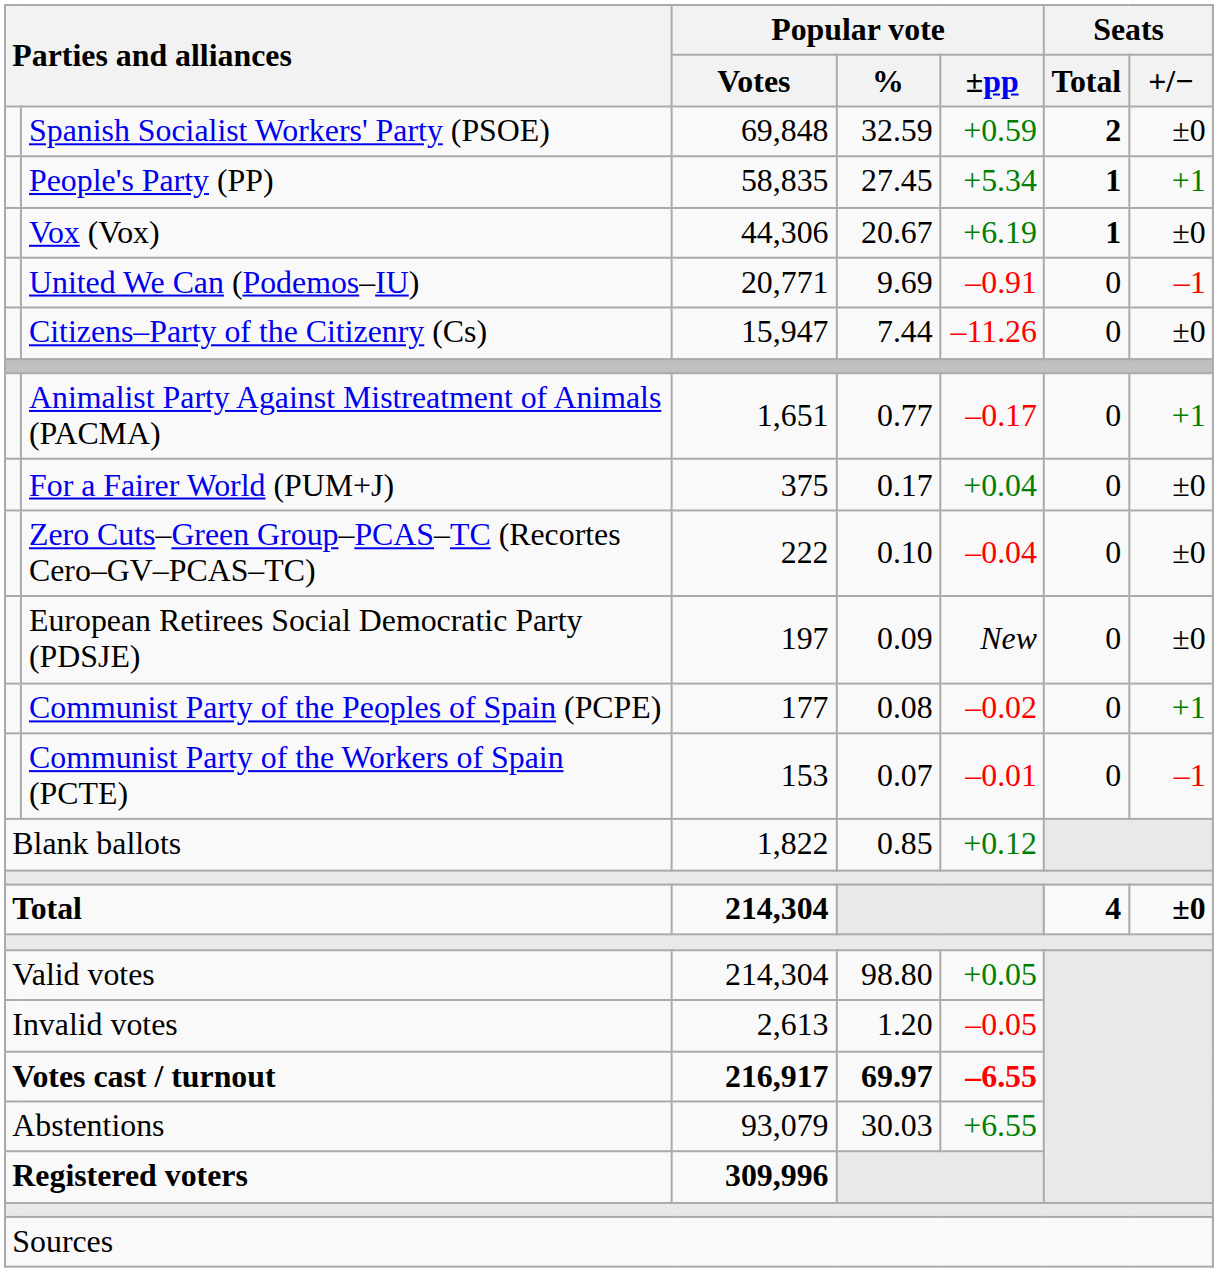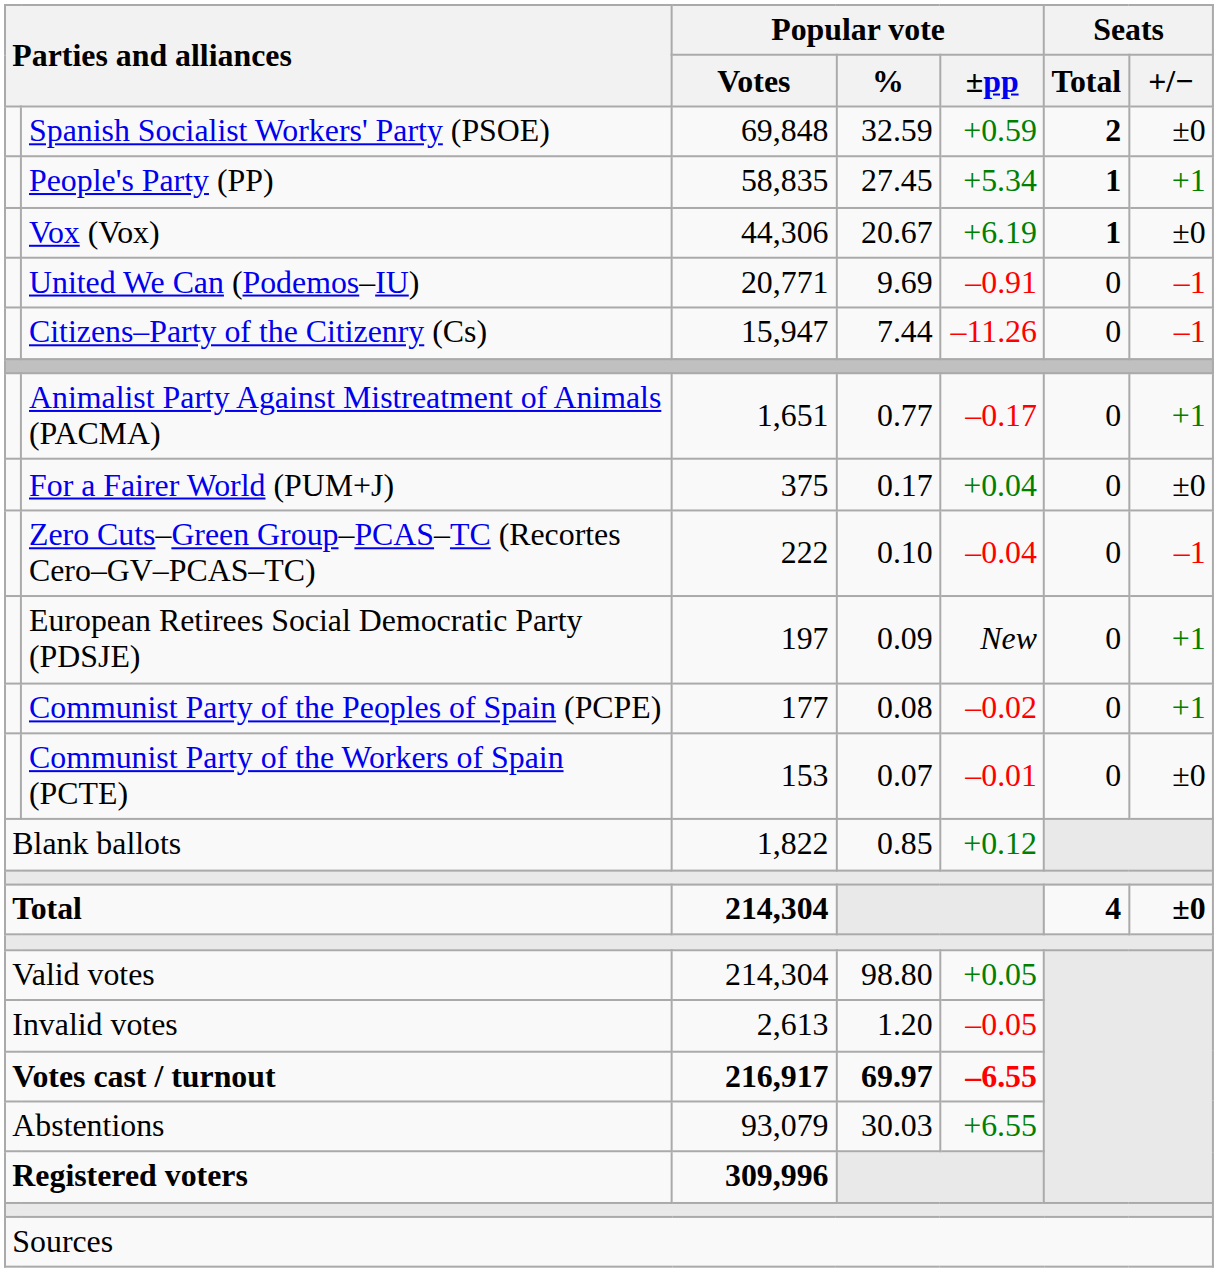 <table class="wikitable" style="text-align:right;">
 <tr>
 <th style="text-align:left;" rowspan="2" colspan="2" width="525">Parties and alliances</th>
 <th colspan="3">Popular vote</th>
 <th colspan="2">Seats</th>
 </tr>
 <tr>
 <th width="75">Votes</th>
 <th width="45">%</th>
 <th width="45">±<a href='#'>pp</a></th>
 <th width="35">Total</th>
 <th width="35">+/−</th>
 </tr>
 <tr>
 <td width="1" style="color:inherit;background:"></td>
 <td align="left"><a href='#'>Spanish Socialist Workers' Party</a> (PSOE)</td>
 <td>69,848</td>
 <td>32.59</td>
 <td style="color:green;">+0.59</td>
 <td><strong>2</strong></td>
 <td>±0</td>
 </tr>
 <tr>
 <td style="color:inherit;background:"></td>
 <td align="left"><a href='#'>People's Party</a> (PP)</td>
 <td>58,835</td>
 <td>27.45</td>
 <td style="color:green;">+5.34</td>
 <td><strong>1</strong></td>
 <td style="color:green;">+1</td>
 </tr>
 <tr>
 <td style="color:inherit;background:"></td>
 <td align="left"><a href='#'>Vox</a> (Vox)</td>
 <td>44,306</td>
 <td>20.67</td>
 <td style="color:green;">+6.19</td>
 <td><strong>1</strong></td>
 <td>±0</td>
 </tr>
 <tr>
 <td style="color:inherit;background:"></td>
 <td align="left"><a href='#'>United We Can</a> (<a href='#'>Podemos</a>–<a href='#'>IU</a>)</td>
 <td>20,771</td>
 <td>9.69</td>
 <td style="color:red;">–0.91</td>
 <td>0</td>
 <td style="color:red;">–1</td>
 </tr>
 <tr>
 <td style="color:inherit;background:"></td>
 <td align="left"><a href='#'>Citizens–Party of the Citizenry</a> (Cs)</td>
 <td>15,947</td>
 <td>7.44</td>
 <td style="color:red;">–11.26</td>
 <td>0</td>
-<td>±0</td>
+<td style="color:red;">–1</td>
 </tr>
 <tr>
 <td colspan="7" bgcolor="#C0C0C0"></td>
 </tr>
 <tr>
 <td style="color:inherit;background:"></td>
 <td align="left"><a href='#'>Animalist Party Against Mistreatment of Animals</a> (PACMA)</td>
 <td>1,651</td>
 <td>0.77</td>
 <td style="color:red;">–0.17</td>
 <td>0</td>
 <td style="color:green;">+1</td>
 </tr>
 <tr>
 <td style="color:inherit;background:"></td>
 <td align="left"><a href='#'>For a Fairer World</a> (PUM+J)</td>
 <td>375</td>
 <td>0.17</td>
 <td style="color:green;">+0.04</td>
 <td>0</td>
 <td>±0</td>
 </tr>
 <tr>
 <td style="color:inherit;background:"></td>
 <td align="left"><a href='#'>Zero Cuts</a>–<a href='#'>Green Group</a>–<a href='#'>PCAS</a>–<a href='#'>TC</a> (Recortes Cero–GV–PCAS–TC)</td>
 <td>222</td>
 <td>0.10</td>
 <td style="color:red;">–0.04</td>
 <td>0</td>
-<td>±0</td>
+<td style="color:red;">–1</td>
 </tr>
 <tr>
 <td style="color:inherit;background:"></td>
 <td align="left">European Retirees Social Democratic Party (PDSJE)</td>
 <td>197</td>
 <td>0.09</td>
 <td><em>New</em></td>
 <td>0</td>
-<td>±0</td>
+<td style="color:green;">+1</td>
 </tr>
 <tr>
 <td style="color:inherit;background:"></td>
 <td align="left"><a href='#'>Communist Party of the Peoples of Spain</a> (PCPE)</td>
 <td>177</td>
 <td>0.08</td>
 <td style="color:red;">–0.02</td>
 <td>0</td>
 <td style="color:green;">+1</td>
 </tr>
 <tr>
 <td style="color:inherit;background:"></td>
 <td align="left"><a href='#'>Communist Party of the Workers of Spain</a> (PCTE)</td>
 <td>153</td>
 <td>0.07</td>
 <td style="color:red;">–0.01</td>
 <td>0</td>
-<td style="color:red;">–1</td>
+<td>±0</td>
 </tr>
 <tr>
 <td align="left" colspan="2">Blank ballots</td>
 <td>1,822</td>
 <td>0.85</td>
 <td style="color:green;">+0.12</td>
 <td bgcolor="#E9E9E9" colspan="2"></td>
 </tr>
 <tr>
 <td colspan="7" bgcolor="#E9E9E9"></td>
 </tr>
 <tr style="font-weight:bold;">
 <td align="left" colspan="2">Total</td>
 <td>214,304</td>
 <td bgcolor="#E9E9E9" colspan="2"></td>
 <td>4</td>
 <td>±0</td>
 </tr>
 <tr>
 <td colspan="7" bgcolor="#E9E9E9"></td>
 </tr>
 <tr>
 <td align="left" colspan="2">Valid votes</td>
 <td>214,304</td>
 <td>98.80</td>
 <td style="color:green;">+0.05</td>
 <td bgcolor="#E9E9E9" colspan="2" rowspan="5"></td>
 </tr>
 <tr>
 <td align="left" colspan="2">Invalid votes</td>
 <td>2,613</td>
 <td>1.20</td>
 <td style="color:red;">–0.05</td>
 </tr>
 <tr style="font-weight:bold;">
 <td align="left" colspan="2">Votes cast / turnout</td>
 <td>216,917</td>
 <td>69.97</td>
 <td style="color:red;">–6.55</td>
 </tr>
 <tr>
 <td align="left" colspan="2">Abstentions</td>
 <td>93,079</td>
 <td>30.03</td>
 <td style="color:green;">+6.55</td>
 </tr>
 <tr style="font-weight:bold;">
 <td align="left" colspan="2">Registered voters</td>
 <td>309,996</td>
 <td bgcolor="#E9E9E9" colspan="2"></td>
 </tr>
 <tr>
 <td colspan="7" bgcolor="#E9E9E9"></td>
 </tr>
 <tr>
 <td align="left" colspan="7">Sources</td>
 </tr>
 </table>
